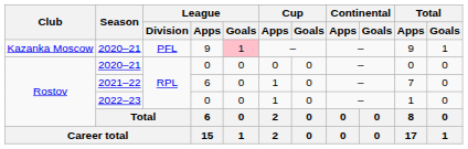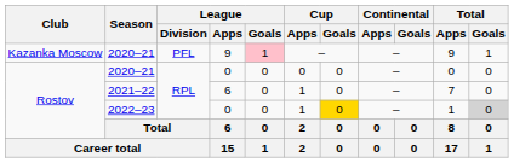 <table class="wikitable" style="text-align: center;">
 <tr>
 <th rowspan=2>Club</th>
 <th rowspan=2>Season</th>
 <th colspan=3>League</th>
 <th colspan=2>Cup</th>
 <th colspan=2>Continental</th>
 <th colspan=2>Total</th>
 </tr>
 <tr>
 <th>Division</th>
 <th>Apps</th>
 <th>Goals</th>
 <th>Apps</th>
 <th>Goals</th>
 <th>Apps</th>
 <th>Goals</th>
 <th>Apps</th>
 <th>Goals</th>
 </tr>
 <tr>
 <td><a href='#'>Kazanka Moscow</a></td>
 <td><a href='#'>2020–21</a></td>
 <td><a href='#'>PFL</a></td>
 <td>9</td>
 <td style="background: pink;">1</td>
 <td colspan=2>–</td>
 <td colspan=2>–</td>
 <td>9</td>
 <td>1</td>
 </tr>
 <tr>
 <td rowspan="4"><a href='#'>Rostov</a></td>
 <td><a href='#'>2020–21</a></td>
 <td rowspan="3"><a href='#'>RPL</a></td>
 <td>0</td>
 <td>0</td>
 <td>0</td>
 <td>0</td>
 <td colspan=2>–</td>
 <td>0</td>
 <td>0</td>
 </tr>
 <tr>
 <td><a href='#'>2021–22</a></td>
 <td>6</td>
 <td>0</td>
 <td>1</td>
 <td>0</td>
 <td colspan=2>–</td>
 <td>7</td>
 <td>0</td>
 </tr>
 <tr>
 <td><a href='#'>2022–23</a></td>
 <td>0</td>
 <td>0</td>
 <td>1</td>
-<td>0</td>
+<td style="background: gold;">0</td>
 <td colspan=2>–</td>
 <td>1</td>
-<td>0</td>
+<td style="background: lightgrey;">0</td>
 </tr>
 <tr>
 <th colspan=2>Total</th>
 <th>6</th>
 <th>0</th>
 <th>2</th>
 <th>0</th>
 <th>0</th>
 <th>0</th>
 <th>8</th>
 <th>0</th>
 </tr>
 <tr>
 <th colspan=3>Career total</th>
 <th>15</th>
 <th>1</th>
 <th>2</th>
 <th>0</th>
 <th>0</th>
 <th>0</th>
 <th>17</th>
 <th>1</th>
 </tr>
 </table>
